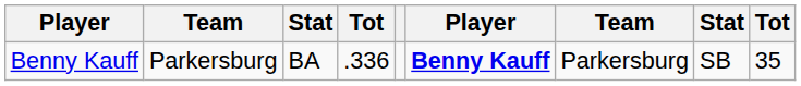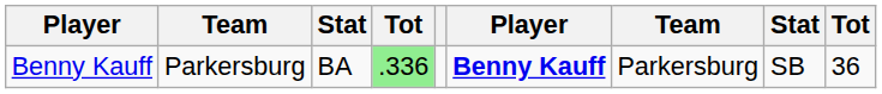 <table class="wikitable">
 <tr>
 <th>Player</th>
 <th>Team</th>
 <th>Stat</th>
 <th>Tot</th>
 <th></th>
 <th>Player</th>
 <th>Team</th>
 <th>Stat</th>
 <th>Tot</th>
 </tr>
 <tr>
 <td><a href='#'>Benny Kauff</a></td>
 <td>Parkersburg</td>
 <td>BA</td>
-<td>.336</td>
+<td style="background: lightgreen;">.336</td>
 <td></td>
 <td><strong><a href='#'>Benny Kauff</a></strong></td>
 <td>Parkersburg</td>
 <td>SB</td>
-<td>35</td>
+<td>36</td>
 </tr>
 </table>
